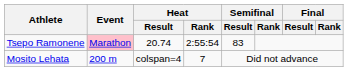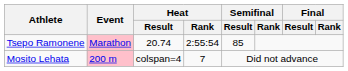 <table class="wikitable" style="font-size:90%">
 <tr>
 <th rowspan=2>Athlete</th>
 <th rowspan=2>Event</th>
 <th colspan="2">Heat</th>
 <th colspan="2">Semifinal</th>
 <th colspan="2">Final</th>
 </tr>
 <tr style="font-size:95%">
 <th>Result</th>
 <th>Rank</th>
 <th>Result</th>
 <th>Rank</th>
 <th>Result</th>
 <th>Rank</th>
 </tr>
 <tr align=center>
 <td align=left><a href='#'>Tsepo Ramonene</a></td>
 <td align=left style="background: pink;"><a href='#'>Marathon</a></td>
 <td>20.74</td>
 <td>2:55:54</td>
-<td>83</td>
+<td>85</td>
 </tr>
 <tr align=center>
 <td align=left><a href='#'>Mosito Lehata</a></td>
-<td align=left><a href='#'>200 m</a></td>
+<td align=left style="background: pink;"><a href='#'>200 m</a></td>
 <td>colspan=4 </td>
 <td>7</td>
 <td colspan=4>Did not advance</td>
 </tr>
 </table>
